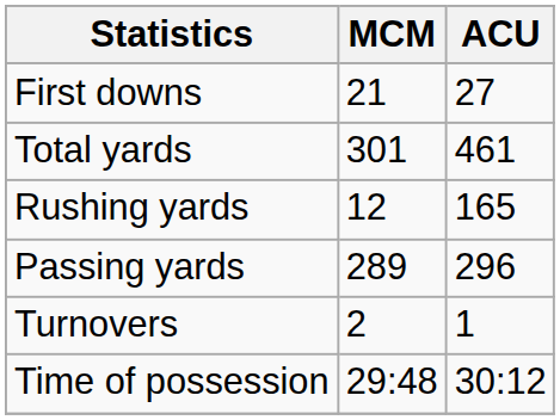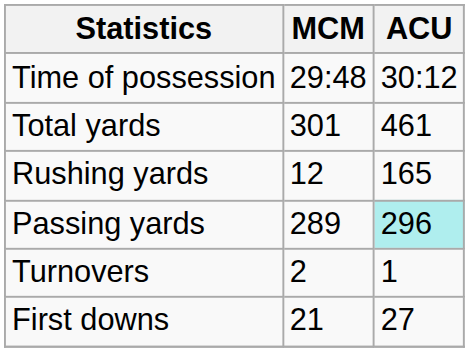 <table class="wikitable">
 <tr>
 <th>Statistics</th>
 <th>MCM</th>
 <th>ACU</th>
 </tr>
 <tr>
-<td>First downs</td>
-<td>21</td>
-<td>27</td>
+<td>Time of possession</td>
+<td>29:48</td>
+<td>30:12</td>
 </tr>
 <tr>
 <td>Total yards</td>
 <td>301</td>
 <td>461</td>
 </tr>
 <tr>
 <td>Rushing yards</td>
 <td>12</td>
 <td>165</td>
 </tr>
 <tr>
 <td>Passing yards</td>
 <td>289</td>
-<td>296</td>
+<td style="background: paleturquoise;">296</td>
 </tr>
 <tr>
 <td>Turnovers</td>
 <td>2</td>
 <td>1</td>
 </tr>
 <tr>
-<td>Time of possession</td>
-<td>29:48</td>
-<td>30:12</td>
+<td>First downs</td>
+<td>21</td>
+<td>27</td>
 </tr>
 <tr>
 </tr>
 </table>
